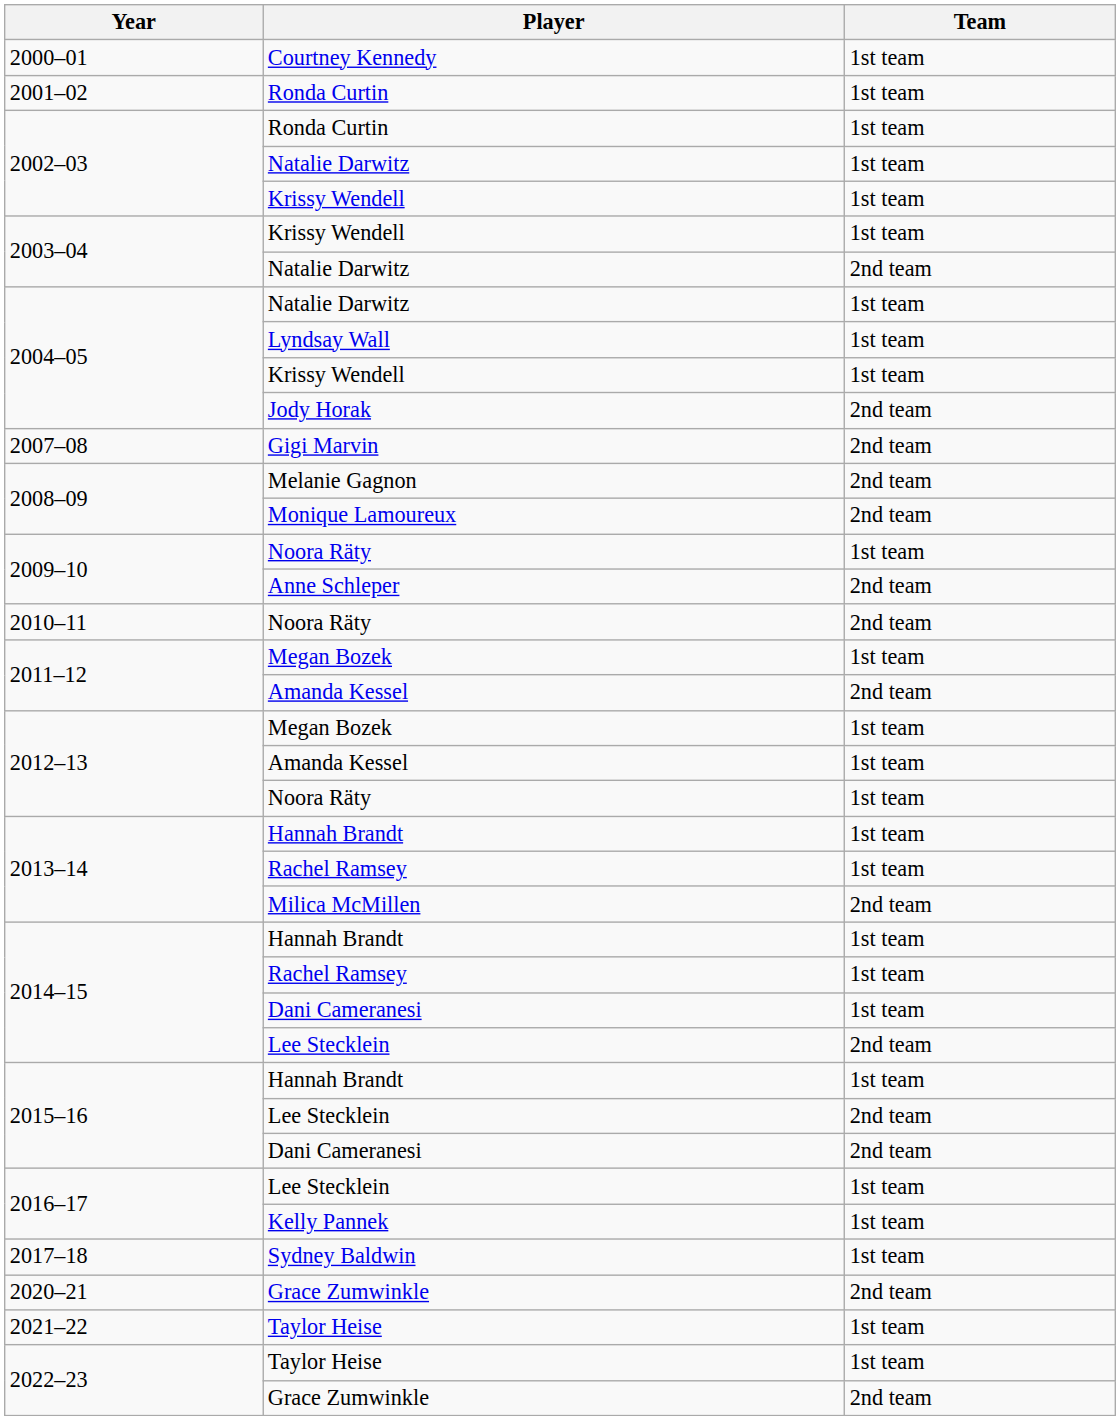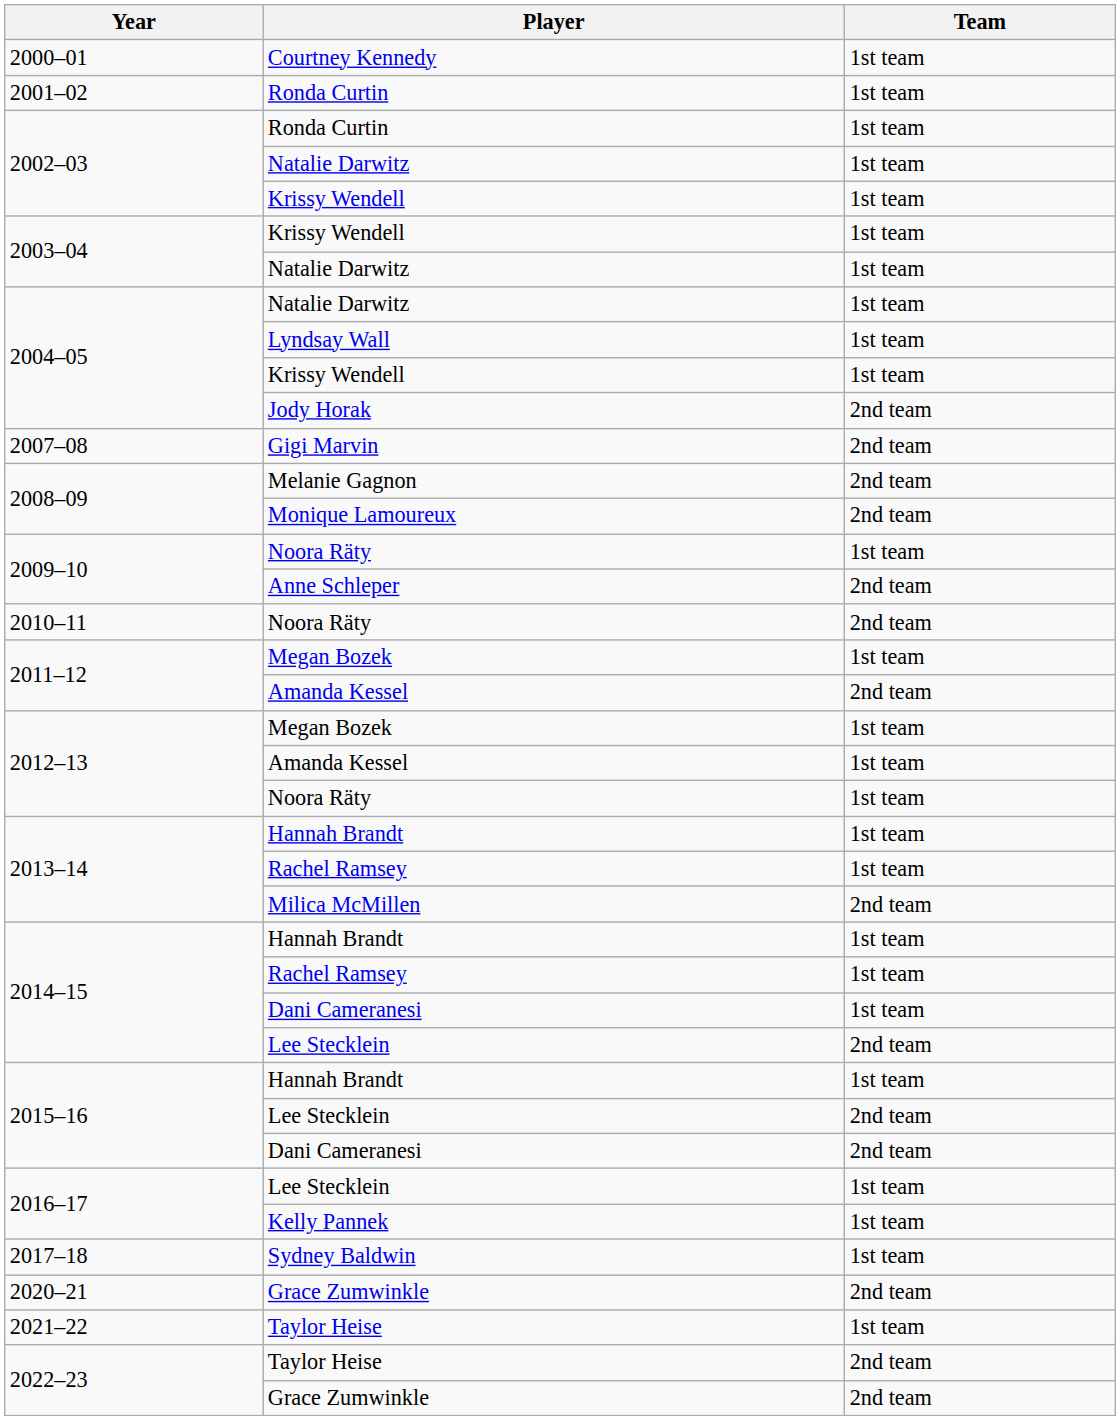 <table class="wikitable" style="width: 50em">
 <tr>
 <th>Year</th>
 <th>Player</th>
 <th>Team</th>
 </tr>
 <tr>
 <td>2000–01</td>
 <td><a href='#'>Courtney Kennedy</a></td>
 <td>1st team</td>
 </tr>
 <tr>
 <td>2001–02</td>
 <td><a href='#'>Ronda Curtin</a></td>
 <td>1st team</td>
 </tr>
 <tr>
 <td rowspan="3">2002–03</td>
 <td>Ronda Curtin</td>
 <td>1st team</td>
 </tr>
 <tr>
 <td><a href='#'>Natalie Darwitz</a></td>
 <td>1st team</td>
 </tr>
 <tr>
 <td><a href='#'>Krissy Wendell</a></td>
 <td>1st team</td>
 </tr>
 <tr>
 <td rowspan="2">2003–04</td>
 <td>Krissy Wendell</td>
 <td>1st team</td>
 </tr>
 <tr>
 <td>Natalie Darwitz</td>
-<td>2nd team</td>
+<td>1st team</td>
 </tr>
 <tr>
 <td rowspan="4">2004–05</td>
 <td>Natalie Darwitz</td>
 <td>1st team</td>
 </tr>
 <tr>
 <td><a href='#'>Lyndsay Wall</a></td>
 <td>1st team</td>
 </tr>
 <tr>
 <td>Krissy Wendell</td>
 <td>1st team</td>
 </tr>
 <tr>
 <td><a href='#'>Jody Horak</a></td>
 <td>2nd team</td>
 </tr>
 <tr>
 <td>2007–08</td>
 <td><a href='#'>Gigi Marvin</a></td>
 <td>2nd team</td>
 </tr>
 <tr>
 <td rowspan="2">2008–09</td>
 <td>Melanie Gagnon</td>
 <td>2nd team</td>
 </tr>
 <tr>
 <td><a href='#'>Monique Lamoureux</a></td>
 <td>2nd team</td>
 </tr>
 <tr>
 <td rowspan="2">2009–10</td>
 <td><a href='#'>Noora Räty</a></td>
 <td>1st team</td>
 </tr>
 <tr>
 <td><a href='#'>Anne Schleper</a></td>
 <td>2nd team</td>
 </tr>
 <tr>
 <td>2010–11</td>
 <td>Noora Räty</td>
 <td>2nd team</td>
 </tr>
 <tr>
 <td rowspan="2">2011–12</td>
 <td><a href='#'>Megan Bozek</a></td>
 <td>1st team</td>
 </tr>
 <tr>
 <td><a href='#'>Amanda Kessel</a></td>
 <td>2nd team</td>
 </tr>
 <tr>
 <td rowspan="3">2012–13</td>
 <td>Megan Bozek</td>
 <td>1st team</td>
 </tr>
 <tr>
 <td>Amanda Kessel</td>
 <td>1st team</td>
 </tr>
 <tr>
 <td>Noora Räty</td>
 <td>1st team</td>
 </tr>
 <tr>
 <td rowspan="3">2013–14</td>
 <td><a href='#'>Hannah Brandt</a></td>
 <td>1st team</td>
 </tr>
 <tr>
 <td><a href='#'>Rachel Ramsey</a></td>
 <td>1st team</td>
 </tr>
 <tr>
 <td><a href='#'>Milica McMillen</a></td>
 <td>2nd team</td>
 </tr>
 <tr>
 <td rowspan="4">2014–15</td>
 <td>Hannah Brandt</td>
 <td>1st team</td>
 </tr>
 <tr>
 <td><a href='#'>Rachel Ramsey</a></td>
 <td>1st team</td>
 </tr>
 <tr>
 <td><a href='#'>Dani Cameranesi</a></td>
 <td>1st team</td>
 </tr>
 <tr>
 <td><a href='#'>Lee Stecklein</a></td>
 <td>2nd team</td>
 </tr>
 <tr>
 <td rowspan="3">2015–16</td>
 <td>Hannah Brandt</td>
 <td>1st team</td>
 </tr>
 <tr>
 <td>Lee Stecklein</td>
 <td>2nd team</td>
 </tr>
 <tr>
 <td>Dani Cameranesi</td>
 <td>2nd team</td>
 </tr>
 <tr>
 <td rowspan="2">2016–17</td>
 <td>Lee Stecklein</td>
 <td>1st team</td>
 </tr>
 <tr>
 <td><a href='#'>Kelly Pannek</a></td>
 <td>1st team</td>
 </tr>
 <tr>
 <td>2017–18</td>
 <td><a href='#'>Sydney Baldwin</a></td>
 <td>1st team</td>
 </tr>
 <tr>
 <td>2020–21</td>
 <td><a href='#'>Grace Zumwinkle</a></td>
 <td>2nd team</td>
 </tr>
 <tr>
 <td>2021–22</td>
 <td><a href='#'>Taylor Heise</a></td>
 <td>1st team</td>
 </tr>
 <tr>
 <td rowspan="2">2022–23</td>
 <td>Taylor Heise</td>
-<td>1st team</td>
+<td>2nd team</td>
 </tr>
 <tr>
 <td>Grace Zumwinkle</td>
 <td>2nd team</td>
 </tr>
 </table>
